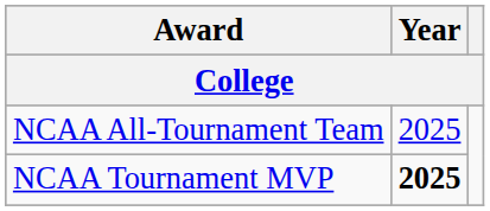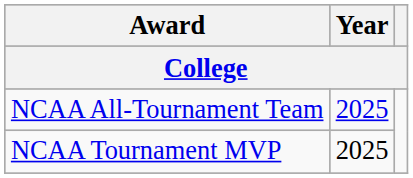 <table class="wikitable">
 <tr>
 <th>Award</th>
 <th>Year</th>
 <th></th>
 </tr>
 <tr>
 <th colspan="3"><a href='#'>College</a></th>
 </tr>
 <tr>
 <td><a href='#'>NCAA All-Tournament Team</a></td>
 <td><a href='#'>2025</a></td>
 <td rowspan="2"></td>
 </tr>
 <tr>
 <td><a href='#'>NCAA Tournament MVP</a></td>
-<td><strong>2025</strong></td>
+<td>2025</td>
 </tr>
 </table>
